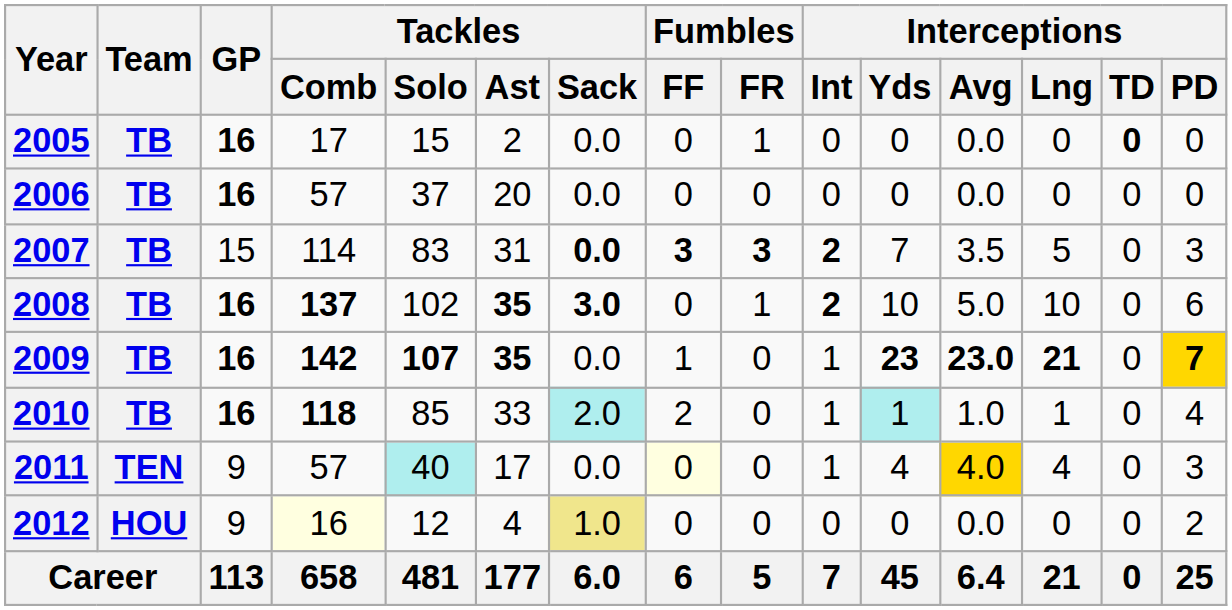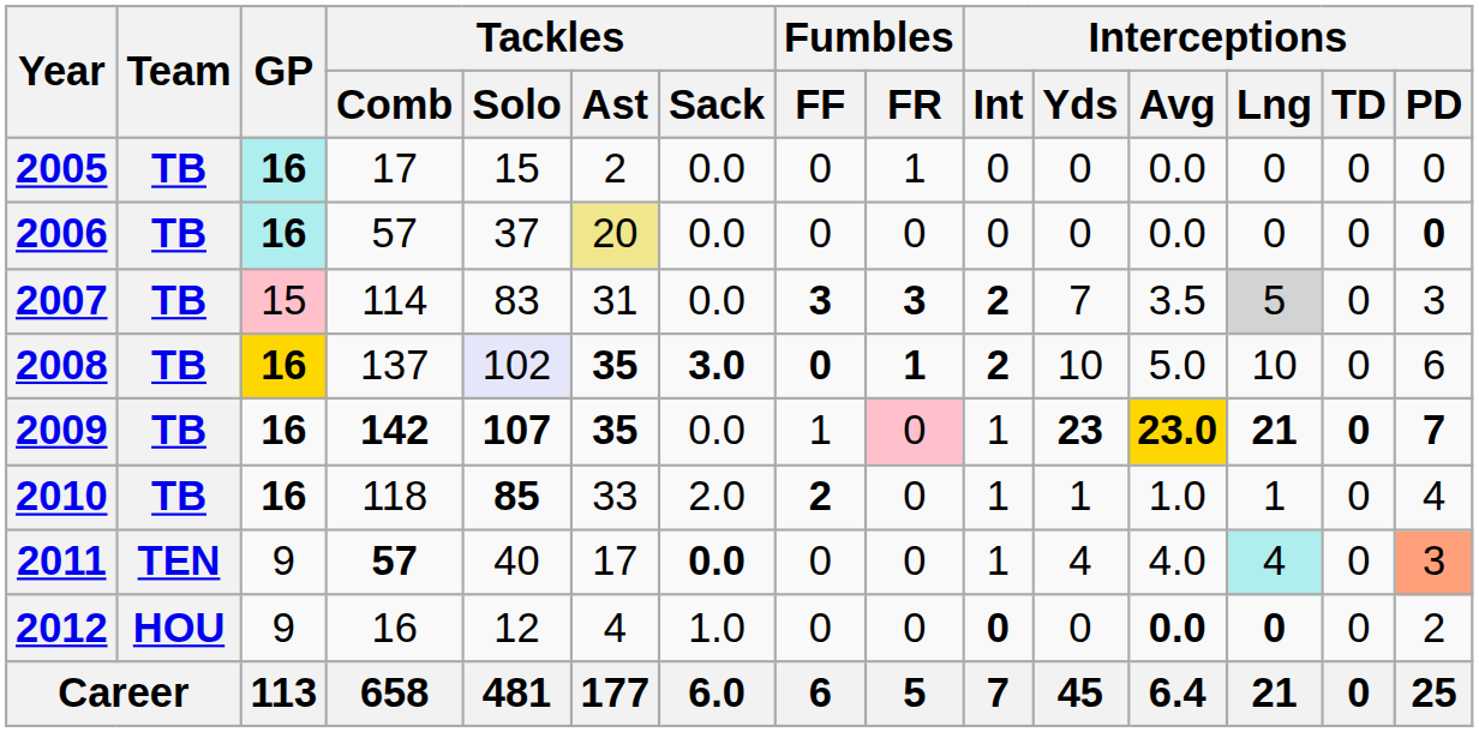 <table class="wikitable" style="text-align:center">
 <tr>
 <th rowspan="2">Year</th>
 <th rowspan="2">Team</th>
 <th rowspan="2">GP</th>
 <th colspan="4">Tackles</th>
 <th colspan="2">Fumbles</th>
 <th colspan="6">Interceptions</th>
 </tr>
 <tr>
 <th>Comb</th>
 <th>Solo</th>
 <th>Ast</th>
 <th>Sack</th>
 <th>FF</th>
 <th>FR</th>
 <th>Int</th>
 <th>Yds</th>
 <th>Avg</th>
 <th>Lng</th>
 <th>TD</th>
 <th>PD</th>
 </tr>
 <tr>
 <th><a href='#'>2005</a></th>
 <th><a href='#'>TB</a></th>
-<td><strong>16</strong></td>
+<td style="background: paleturquoise;"><strong>16</strong></td>
 <td>17</td>
 <td>15</td>
 <td>2</td>
 <td>0.0</td>
 <td>0</td>
 <td>1</td>
 <td>0</td>
 <td>0</td>
 <td>0.0</td>
 <td>0</td>
-<td><strong>0</strong></td>
+<td>0</td>
 <td>0</td>
 </tr>
 <tr>
 <th><a href='#'>2006</a></th>
 <th><a href='#'>TB</a></th>
-<td><strong>16</strong></td>
+<td style="background: paleturquoise;"><strong>16</strong></td>
 <td>57</td>
 <td>37</td>
-<td>20</td>
+<td style="background: khaki;">20</td>
 <td>0.0</td>
 <td>0</td>
 <td>0</td>
 <td>0</td>
 <td>0</td>
 <td>0.0</td>
 <td>0</td>
 <td>0</td>
-<td>0</td>
+<td><strong>0</strong></td>
 </tr>
 <tr>
 <th><a href='#'>2007</a></th>
 <th><a href='#'>TB</a></th>
-<td>15</td>
+<td style="background: pink;">15</td>
 <td>114</td>
 <td>83</td>
 <td>31</td>
-<td><strong>0.0</strong></td>
+<td>0.0</td>
 <td><strong>3</strong></td>
 <td><strong>3</strong></td>
 <td><strong>2</strong></td>
 <td>7</td>
 <td>3.5</td>
-<td>5</td>
+<td style="background: lightgrey;">5</td>
 <td>0</td>
 <td>3</td>
 </tr>
 <tr>
 <th><a href='#'>2008</a></th>
 <th><a href='#'>TB</a></th>
-<td><strong>16</strong></td>
-<td><strong>137</strong></td>
-<td>102</td>
+<td style="background: gold;"><strong>16</strong></td>
+<td>137</td>
+<td style="background: lavender;">102</td>
 <td><strong>35</strong></td>
 <td><strong>3.0</strong></td>
-<td>0</td>
-<td>1</td>
+<td><strong>0</strong></td>
+<td><strong>1</strong></td>
 <td><strong>2</strong></td>
 <td>10</td>
 <td>5.0</td>
 <td>10</td>
 <td>0</td>
 <td>6</td>
 </tr>
 <tr>
 <th><a href='#'>2009</a></th>
 <th><a href='#'>TB</a></th>
 <td><strong>16</strong></td>
 <td><strong>142</strong></td>
 <td><strong>107</strong></td>
 <td><strong>35</strong></td>
 <td>0.0</td>
 <td>1</td>
-<td>0</td>
+<td style="background: pink;">0</td>
 <td>1</td>
 <td><strong>23</strong></td>
-<td><strong>23.0</strong></td>
+<td style="background: gold;"><strong>23.0</strong></td>
 <td><strong>21</strong></td>
-<td>0</td>
-<td style="background: gold;"><strong>7</strong></td>
+<td><strong>0</strong></td>
+<td><strong>7</strong></td>
 </tr>
 <tr>
 <th><a href='#'>2010</a></th>
 <th><a href='#'>TB</a></th>
 <td><strong>16</strong></td>
-<td><strong>118</strong></td>
-<td>85</td>
+<td>118</td>
+<td><strong>85</strong></td>
 <td>33</td>
-<td style="background: paleturquoise;">2.0</td>
-<td>2</td>
+<td>2.0</td>
+<td><strong>2</strong></td>
 <td>0</td>
 <td>1</td>
-<td style="background: paleturquoise;">1</td>
+<td>1</td>
 <td>1.0</td>
 <td>1</td>
 <td>0</td>
 <td>4</td>
 </tr>
 <tr>
 <th><a href='#'>2011</a></th>
 <th><a href='#'>TEN</a></th>
 <td>9</td>
-<td>57</td>
-<td style="background: paleturquoise;">40</td>
+<td><strong>57</strong></td>
+<td>40</td>
 <td>17</td>
-<td>0.0</td>
-<td style="background: lightyellow;">0</td>
+<td><strong>0.0</strong></td>
+<td>0</td>
 <td>0</td>
 <td>1</td>
 <td>4</td>
-<td style="background: gold;">4.0</td>
-<td>4</td>
+<td>4.0</td>
+<td style="background: paleturquoise;">4</td>
 <td>0</td>
-<td>3</td>
+<td style="background: lightsalmon;">3</td>
 </tr>
 <tr>
 <th><a href='#'>2012</a></th>
 <th><a href='#'>HOU</a></th>
 <td>9</td>
-<td style="background: lightyellow;">16</td>
+<td>16</td>
 <td>12</td>
 <td>4</td>
-<td style="background: khaki;">1.0</td>
+<td>1.0</td>
 <td>0</td>
 <td>0</td>
+<td><strong>0</strong></td>
 <td>0</td>
-<td>0</td>
-<td>0.0</td>
-<td>0</td>
+<td><strong>0.0</strong></td>
+<td><strong>0</strong></td>
 <td>0</td>
 <td>2</td>
 </tr>
 <tr>
 <th colspan="2">Career</th>
 <th>113</th>
 <th>658</th>
 <th>481</th>
 <th>177</th>
 <th>6.0</th>
 <th>6</th>
 <th>5</th>
 <th>7</th>
 <th>45</th>
 <th>6.4</th>
 <th>21</th>
 <th>0</th>
 <th>25</th>
 </tr>
 </table>
